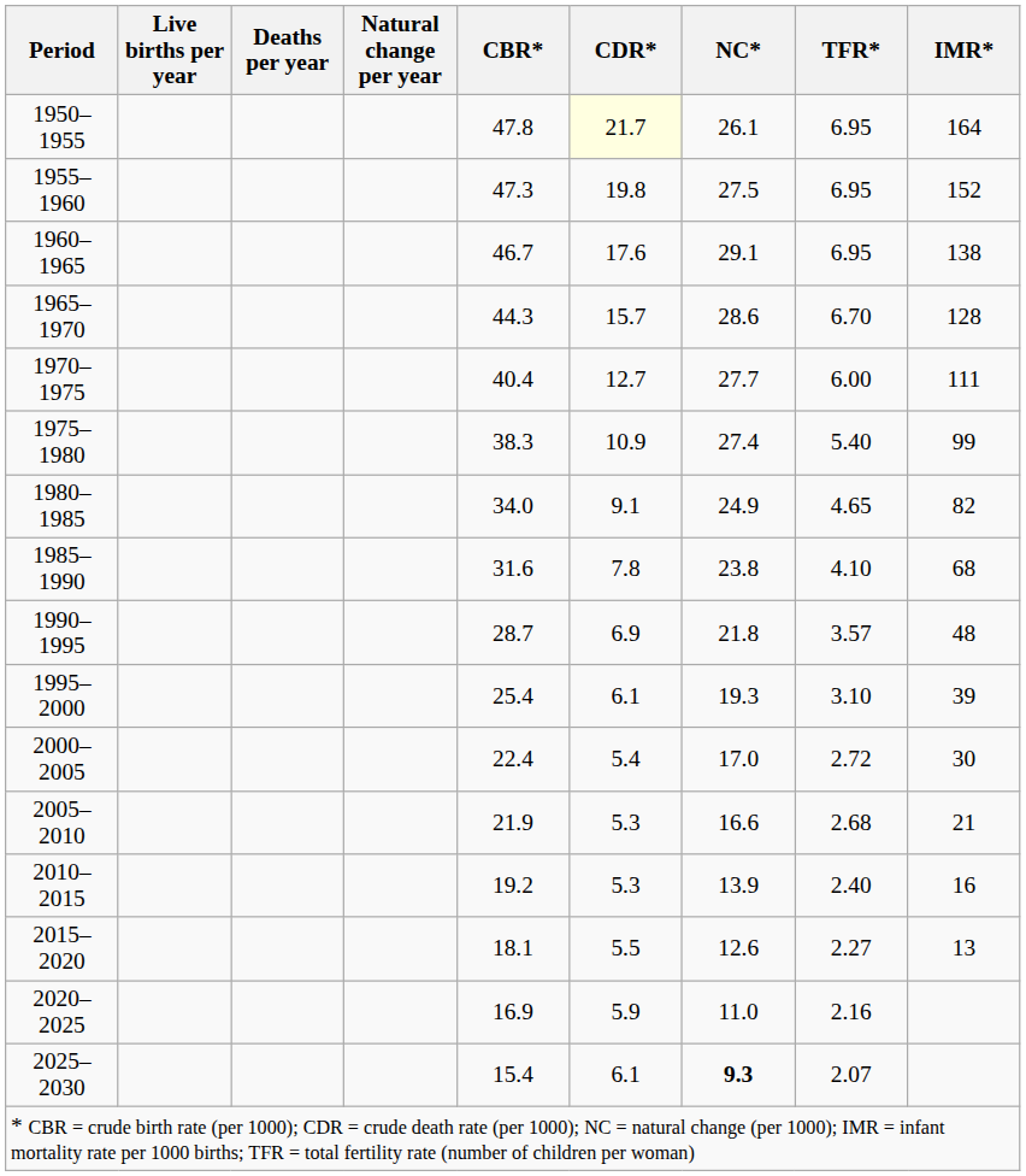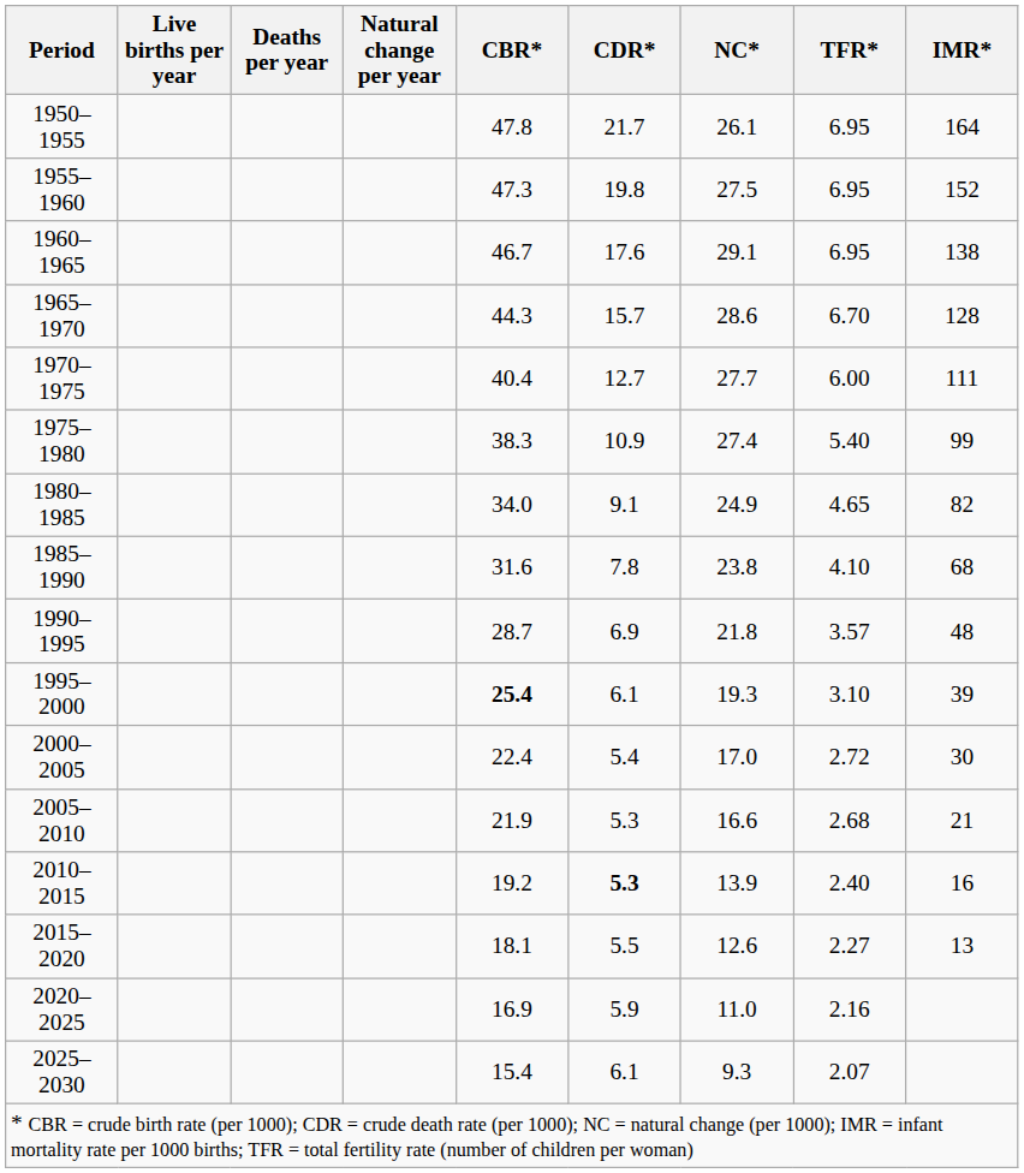 <table class="wikitable" style="text-align: center;">
 <tr>
 <th width="70pt">Period</th>
 <th width="70pt">Live births per year</th>
 <th width="70pt">Deaths per year</th>
 <th width="70pt">Natural change per year</th>
 <th width="70pt">CBR*</th>
 <th width="70pt">CDR*</th>
 <th width="70pt">NC*</th>
 <th width="70pt">TFR*</th>
 <th width="70pt">IMR*</th>
 </tr>
 <tr>
 <td>1950–1955</td>
 <td></td>
 <td></td>
 <td></td>
 <td>47.8</td>
-<td style="background: lightyellow;">21.7</td>
+<td>21.7</td>
 <td>26.1</td>
 <td>6.95</td>
 <td>164</td>
 </tr>
 <tr>
 <td>1955–1960</td>
 <td></td>
 <td></td>
 <td></td>
 <td>47.3</td>
 <td>19.8</td>
 <td>27.5</td>
 <td>6.95</td>
 <td>152</td>
 </tr>
 <tr>
 <td>1960–1965</td>
 <td></td>
 <td></td>
 <td></td>
 <td>46.7</td>
 <td>17.6</td>
 <td>29.1</td>
 <td>6.95</td>
 <td>138</td>
 </tr>
 <tr>
 <td>1965–1970</td>
 <td></td>
 <td></td>
 <td></td>
 <td>44.3</td>
 <td>15.7</td>
 <td>28.6</td>
 <td>6.70</td>
 <td>128</td>
 </tr>
 <tr>
 <td>1970–1975</td>
 <td></td>
 <td></td>
 <td></td>
 <td>40.4</td>
 <td>12.7</td>
 <td>27.7</td>
 <td>6.00</td>
 <td>111</td>
 </tr>
 <tr>
 <td>1975–1980</td>
 <td></td>
 <td></td>
 <td></td>
 <td>38.3</td>
 <td>10.9</td>
 <td>27.4</td>
 <td>5.40</td>
 <td>99</td>
 </tr>
 <tr>
 <td>1980–1985</td>
 <td></td>
 <td></td>
 <td></td>
 <td>34.0</td>
 <td>9.1</td>
 <td>24.9</td>
 <td>4.65</td>
 <td>82</td>
 </tr>
 <tr>
 <td>1985–1990</td>
 <td></td>
 <td></td>
 <td></td>
 <td>31.6</td>
 <td>7.8</td>
 <td>23.8</td>
 <td>4.10</td>
 <td>68</td>
 </tr>
 <tr>
 <td>1990–1995</td>
 <td></td>
 <td></td>
 <td></td>
 <td>28.7</td>
 <td>6.9</td>
 <td>21.8</td>
 <td>3.57</td>
 <td>48</td>
 </tr>
 <tr>
 <td>1995–2000</td>
 <td></td>
 <td></td>
 <td></td>
-<td>25.4</td>
+<td><strong>25.4</strong></td>
 <td>6.1</td>
 <td>19.3</td>
 <td>3.10</td>
 <td>39</td>
 </tr>
 <tr>
 <td>2000–2005</td>
 <td></td>
 <td></td>
 <td></td>
 <td>22.4</td>
 <td>5.4</td>
 <td>17.0</td>
 <td>2.72</td>
 <td>30</td>
 </tr>
 <tr>
 <td>2005–2010</td>
 <td></td>
 <td></td>
 <td></td>
 <td>21.9</td>
 <td>5.3</td>
 <td>16.6</td>
 <td>2.68</td>
 <td>21</td>
 </tr>
 <tr>
 <td>2010–2015</td>
 <td></td>
 <td></td>
 <td></td>
 <td>19.2</td>
-<td>5.3</td>
+<td><strong>5.3</strong></td>
 <td>13.9</td>
 <td>2.40</td>
 <td>16</td>
 </tr>
 <tr>
 <td>2015–2020</td>
 <td></td>
 <td></td>
 <td></td>
 <td>18.1</td>
 <td>5.5</td>
 <td>12.6</td>
 <td>2.27</td>
 <td>13</td>
 </tr>
 <tr>
 <td>2020–2025</td>
 <td></td>
 <td></td>
 <td></td>
 <td>16.9</td>
 <td>5.9</td>
 <td>11.0</td>
 <td>2.16</td>
 <td></td>
 </tr>
 <tr>
 <td>2025–2030</td>
 <td></td>
 <td></td>
 <td></td>
 <td>15.4</td>
 <td>6.1</td>
-<td><strong>9.3</strong></td>
+<td>9.3</td>
 <td>2.07</td>
 <td></td>
 </tr>
 <tr>
 <td align="left" colspan="9">* <small> CBR = crude birth rate (per 1000); CDR = crude death rate (per 1000); NC = natural change (per 1000); IMR = infant mortality rate per 1000 births; TFR = total fertility rate (number of children per woman)</small></td>
 </tr>
 </table>
